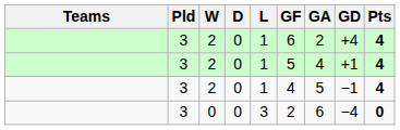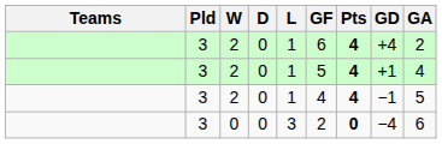 <table class="wikitable" style="text-align: center;">
 <tr>
 <th width=165>Teams</th>
 <th width=20>Pld</th>
 <th width=20>W</th>
 <th width=20>D</th>
 <th width=20>L</th>
 <th width=20>GF</th>
+<th width=20>Pts</th>
+<th width=20>GD</th>
 <th width=20>GA</th>
-<th width=20>GD</th>
-<th width=20>Pts</th>
 </tr>
 <tr align=center style="background:#ccffcc;">
 <td style="text-align:left;"></td>
 <td>3</td>
 <td>2</td>
 <td>0</td>
 <td>1</td>
 <td>6</td>
+<td><strong>4</strong></td>
+<td>+4</td>
 <td>2</td>
-<td>+4</td>
-<td><strong>4</strong></td>
 </tr>
 <tr align=center style="background:#ccffcc;">
 <td style="text-align:left;"></td>
 <td>3</td>
 <td>2</td>
 <td>0</td>
 <td>1</td>
 <td>5</td>
+<td><strong>4</strong></td>
+<td>+1</td>
 <td>4</td>
-<td>+1</td>
-<td><strong>4</strong></td>
 </tr>
 <tr align=center>
 <td style="text-align:left;"></td>
 <td>3</td>
 <td>2</td>
 <td>0</td>
 <td>1</td>
 <td>4</td>
+<td><strong>4</strong></td>
+<td>−1</td>
 <td>5</td>
-<td>−1</td>
-<td><strong>4</strong></td>
 </tr>
 <tr align=center>
 <td style="text-align:left;"></td>
 <td>3</td>
 <td>0</td>
 <td>0</td>
 <td>3</td>
 <td>2</td>
+<td><strong>0</strong></td>
+<td>−4</td>
 <td>6</td>
-<td>−4</td>
-<td><strong>0</strong></td>
 </tr>
 </table>
